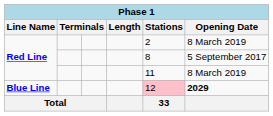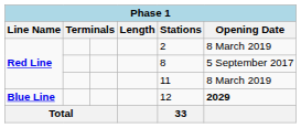 <table class="wikitable sortable">
 <tr>
 <th colspan="8" style="background:#ADD8E6;">Phase 1</th>
 </tr>
 <tr>
 <th>Line Name</th>
 <th colspan="2">Terminals</th>
 <th>Length</th>
 <th>Stations</th>
 <th>Opening Date</th>
 </tr>
 <tr>
 <td rowspan="3" style="background:#"><strong><a href='#'><span>Red Line</span></a></strong></td>
 <td></td>
 <td></td>
 <td></td>
 <td>2</td>
 <td>8 March 2019</td>
 </tr>
 <tr>
 <td></td>
 <td></td>
 <td></td>
 <td>8</td>
 <td>5 September 2017</td>
 </tr>
 <tr>
 <td></td>
 <td></td>
 <td></td>
 <td>11</td>
 <td>8 March 2019</td>
 </tr>
 <tr>
 <td style="background:#"><strong><a href='#'><span>Blue Line</span></a></strong></td>
 <td></td>
 <td></td>
 <td></td>
-<td style="background: pink;">12</td>
+<td>12</td>
 <td><strong>2029</strong></td>
 </tr>
 <tr>
 <th colspan="3"><strong>Total</strong></th>
 <th></th>
 <th>33</th>
 <th colspan="2"></th>
 </tr>
 </table>
